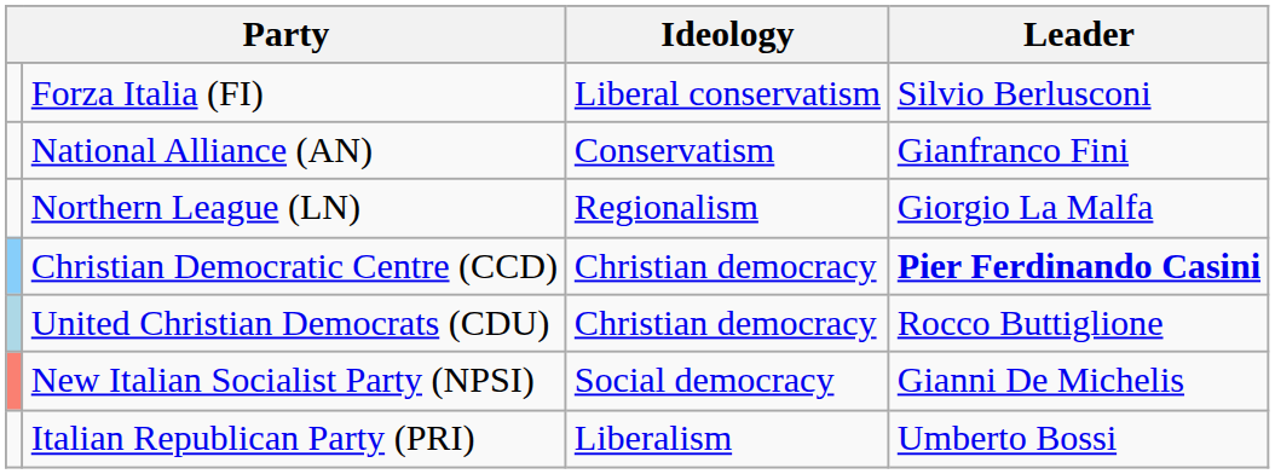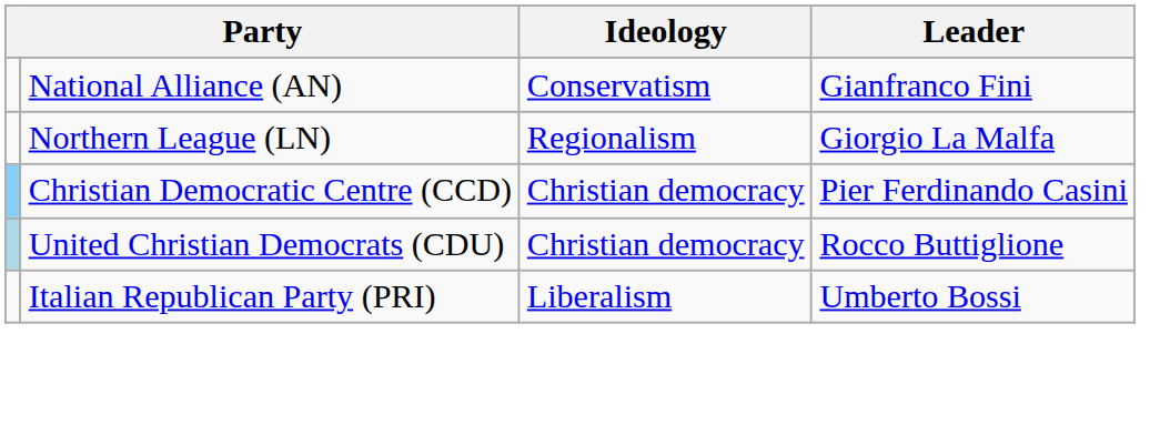 <table class=wikitable style=text-align:left>
 <tr>
 <th colspan=2>Party</th>
 <th>Ideology</th>
 <th>Leader</th>
-</tr>
-<tr>
-<td></td>
-<td><a href='#'>Forza Italia</a> (FI)</td>
-<td><a href='#'>Liberal conservatism</a></td>
-<td><a href='#'>Silvio Berlusconi</a></td>
 </tr>
 <tr>
 <td></td>
 <td><a href='#'>National Alliance</a> (AN)</td>
 <td><a href='#'>Conservatism</a></td>
 <td><a href='#'>Gianfranco Fini</a></td>
 </tr>
 <tr>
 <td></td>
 <td><a href='#'>Northern League</a> (LN)</td>
 <td><a href='#'>Regionalism</a></td>
 <td><a href='#'>Giorgio La Malfa</a></td>
 </tr>
 <tr>
 <td bgcolor="lightskyblue"></td>
 <td><a href='#'>Christian Democratic Centre</a> (CCD)</td>
 <td><a href='#'>Christian democracy</a></td>
-<td><strong><a href='#'>Pier Ferdinando Casini</a></strong></td>
+<td><a href='#'>Pier Ferdinando Casini</a></td>
 </tr>
 <tr>
 <td bgcolor="lightblue"></td>
 <td><a href='#'>United Christian Democrats</a> (CDU)</td>
 <td><a href='#'>Christian democracy</a></td>
 <td><a href='#'>Rocco Buttiglione</a></td>
 </tr>
 <tr>
-<td bgcolor="salmon"></td>
-<td><a href='#'>New Italian Socialist Party</a> (NPSI)</td>
-<td><a href='#'>Social democracy</a></td>
-<td><a href='#'>Gianni De Michelis</a></td>
-</tr>
-<tr>
 <td></td>
 <td><a href='#'>Italian Republican Party</a> (PRI)</td>
 <td><a href='#'>Liberalism</a></td>
 <td><a href='#'>Umberto Bossi</a></td>
 </tr>
 </table>
